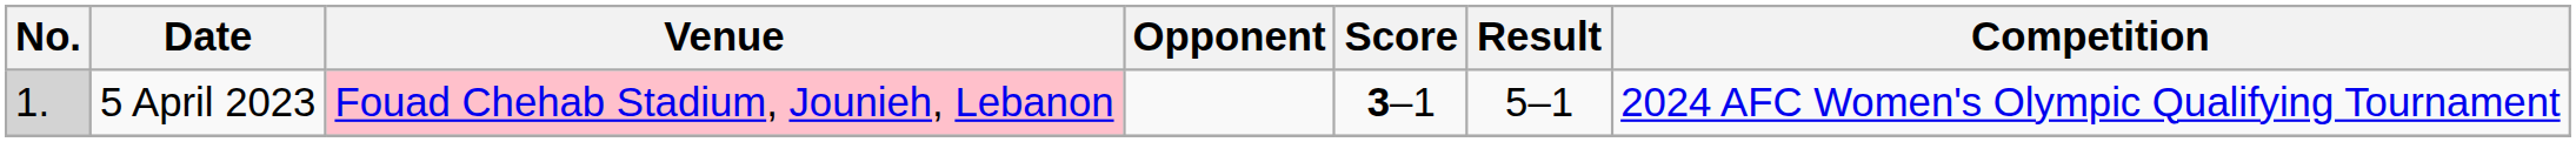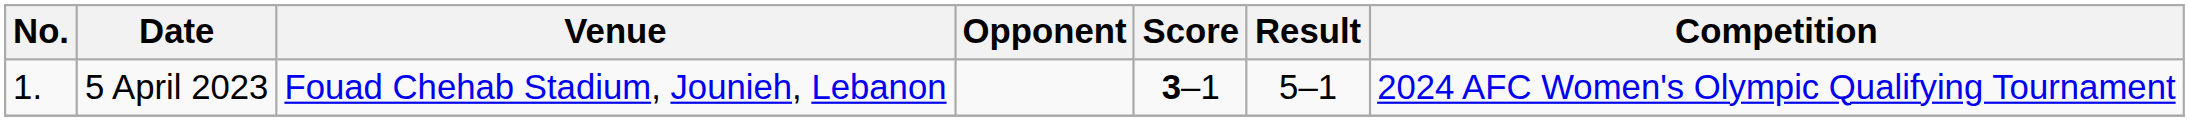 <table class="wikitable">
 <tr>
 <th>No.</th>
 <th>Date</th>
 <th>Venue</th>
 <th>Opponent</th>
 <th>Score</th>
 <th>Result</th>
 <th>Competition</th>
 </tr>
 <tr>
-<td style="background: lightgrey;">1.</td>
+<td>1.</td>
 <td>5 April 2023</td>
-<td style="background: pink;"><a href='#'>Fouad Chehab Stadium</a>, <a href='#'>Jounieh</a>, <a href='#'>Lebanon</a></td>
+<td><a href='#'>Fouad Chehab Stadium</a>, <a href='#'>Jounieh</a>, <a href='#'>Lebanon</a></td>
 <td></td>
 <td align=center><strong>3</strong>–1</td>
 <td align=center>5–1</td>
 <td><a href='#'>2024 AFC Women's Olympic Qualifying Tournament</a></td>
 </tr>
 <tr>
 </tr>
 </table>
